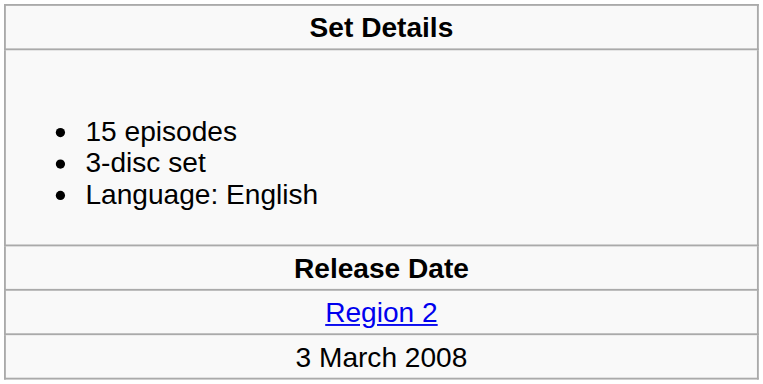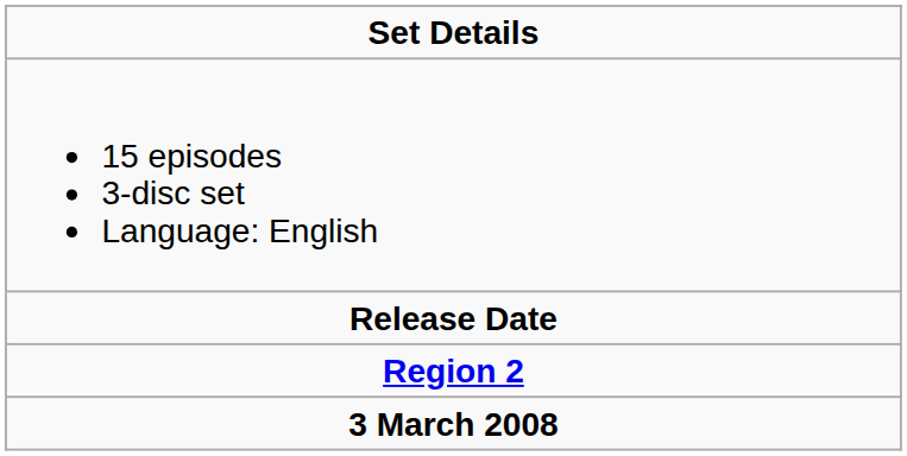 <table class="wikitable" style="font-size: 95%;">
 <tr valign="top">
 <td align="center" width="400" colspan="3"><strong>Set Details</strong></td>
 </tr>
 <tr valign="top">
 <td colspan="3" align="left" width="400"><br><ul><li>15 episodes</li><li>3-disc set</li><li>Language: English</li></ul></td>
 </tr>
 <tr>
 <td colspan="3" align="center"><strong>Release Date</strong></td>
 </tr>
 <tr>
-<td align="center"><a href='#'>Region 2</a></td>
+<td align="center"><strong><a href='#'>Region 2</a></strong></td>
 </tr>
 <tr>
-<td align="center">3 March 2008</td>
+<td align="center"><strong>3 March 2008</strong></td>
 </tr>
 </table>
